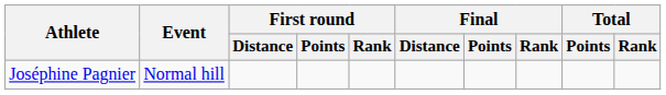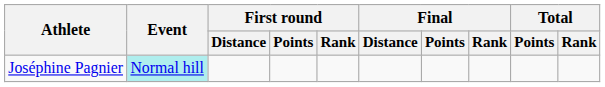 <table class="wikitable" style="font-size:90%">
 <tr>
 <th rowspan=2>Athlete</th>
 <th rowspan=2>Event</th>
 <th colspan=3>First round</th>
 <th colspan=3>Final</th>
 <th colspan=2>Total</th>
 </tr>
 <tr style="font-size:95%">
 <th>Distance</th>
 <th>Points</th>
 <th>Rank</th>
 <th>Distance</th>
 <th>Points</th>
 <th>Rank</th>
 <th>Points</th>
 <th>Rank</th>
 </tr>
 <tr align=center>
 <td align=left><a href='#'>Joséphine Pagnier</a></td>
-<td align=left><a href='#'>Normal hill</a></td>
+<td align=left style="background: paleturquoise;"><a href='#'>Normal hill</a></td>
 <td></td>
 <td></td>
 <td></td>
 <td></td>
 <td></td>
 <td></td>
 <td></td>
 <td></td>
 </tr>
 </table>
